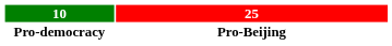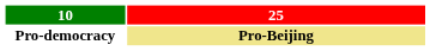 <table style="width:50%; text-align:center;">
 <tr style="color:white;">
 <td style="background:green; width:28.57%;"><strong>10</strong></td>
 <td style="background:red; width:71.43%;"><strong>25</strong></td>
 </tr>
 <tr>
 <td><span><strong>Pro-democracy</strong></span></td>
-<td><span><strong>Pro-Beijing</strong></span></td>
+<td style="background: khaki;"><span><strong>Pro-Beijing</strong></span></td>
 </tr>
 </table>
